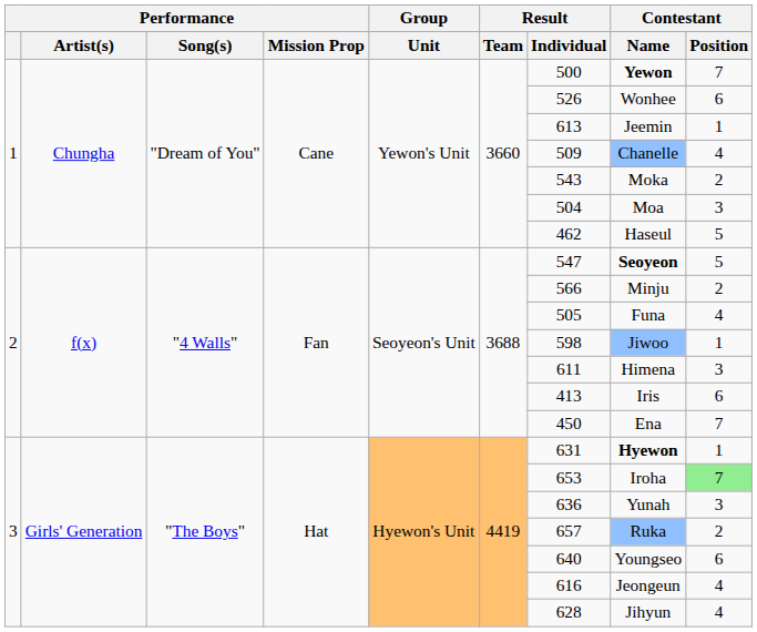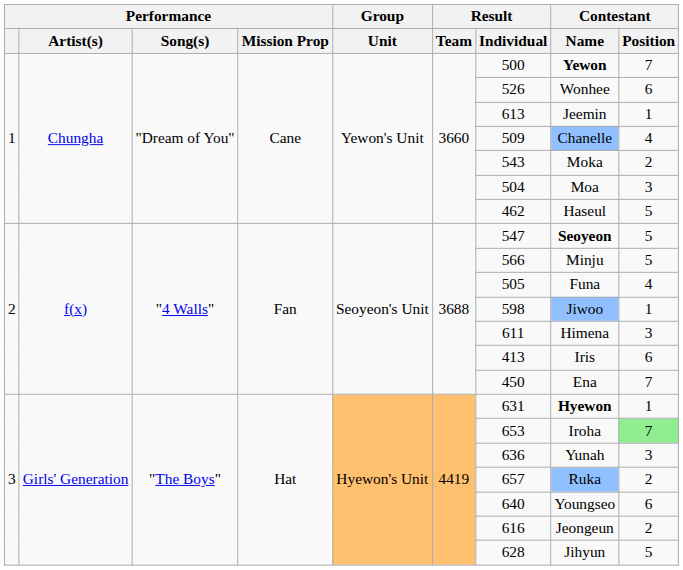 <table class="wikitable collapsible" style="text-align:center">
 <tr>
 <th colspan="4">Performance</th>
 <th>Group</th>
 <th colspan="2">Result</th>
 <th colspan="2">Contestant</th>
 </tr>
 <tr>
 <th></th>
 <th>Artist(s)</th>
 <th>Song(s)</th>
 <th>Mission Prop</th>
 <th>Unit</th>
 <th>Team</th>
 <th>Individual</th>
 <th>Name</th>
 <th>Position</th>
 </tr>
 <tr>
 <td rowspan="7">1</td>
 <td rowspan="7"><a href='#'>Chungha</a></td>
 <td rowspan="7">"Dream of You"</td>
 <td rowspan="7">Cane</td>
 <td rowspan="7">Yewon's Unit</td>
 <td rowspan="7">3660</td>
 <td>500</td>
 <td><strong>Yewon</strong></td>
 <td>7</td>
 </tr>
 <tr>
 <td>526</td>
 <td>Wonhee</td>
 <td>6</td>
 </tr>
 <tr>
 <td>613</td>
 <td>Jeemin</td>
 <td>1</td>
 </tr>
 <tr>
 <td>509</td>
 <td style="background:#90C0FF">Chanelle</td>
 <td>4</td>
 </tr>
 <tr>
 <td>543</td>
 <td>Moka</td>
 <td>2</td>
 </tr>
 <tr>
 <td>504</td>
 <td>Moa</td>
 <td>3</td>
 </tr>
 <tr>
 <td>462</td>
 <td>Haseul</td>
 <td>5</td>
 </tr>
 <tr>
 <td rowspan="7">2</td>
 <td rowspan="7"><a href='#'>f(x)</a></td>
 <td rowspan="7">"<a href='#'>4 Walls</a>"</td>
 <td rowspan="7">Fan</td>
 <td rowspan="7">Seoyeon's Unit</td>
 <td rowspan="7">3688</td>
 <td>547</td>
 <td><strong>Seoyeon</strong></td>
 <td>5</td>
 </tr>
 <tr>
 <td>566</td>
 <td>Minju</td>
-<td>2</td>
+<td>5</td>
 </tr>
 <tr>
 <td>505</td>
 <td>Funa</td>
 <td>4</td>
 </tr>
 <tr>
 <td>598</td>
 <td style="background:#90C0FF">Jiwoo</td>
 <td>1</td>
 </tr>
 <tr>
 <td>611</td>
 <td>Himena</td>
 <td>3</td>
 </tr>
 <tr>
 <td>413</td>
 <td>Iris</td>
 <td>6</td>
 </tr>
 <tr>
 <td>450</td>
 <td>Ena</td>
 <td>7</td>
 </tr>
 <tr>
 <td rowspan="7">3</td>
 <td rowspan="7"><a href='#'>Girls' Generation</a></td>
 <td rowspan="7">"<a href='#'>The Boys</a>"</td>
 <td rowspan="7">Hat</td>
 <td rowspan="7" style="background:#FFC06F">Hyewon's Unit</td>
 <td rowspan="7" style="background:#FFC06F">4419</td>
 <td>631</td>
 <td><strong>Hyewon</strong></td>
 <td>1</td>
 </tr>
 <tr>
 <td>653</td>
 <td>Iroha</td>
 <td style="background: lightgreen;">7</td>
 </tr>
 <tr>
 <td>636</td>
 <td>Yunah</td>
 <td>3</td>
 </tr>
 <tr>
 <td>657</td>
 <td style="background:#90C0FF">Ruka</td>
 <td>2</td>
 </tr>
 <tr>
 <td>640</td>
 <td>Youngseo</td>
 <td>6</td>
 </tr>
 <tr>
 <td>616</td>
 <td>Jeongeun</td>
-<td>4</td>
+<td>2</td>
 </tr>
 <tr>
 <td>628</td>
 <td>Jihyun</td>
-<td>4</td>
+<td>5</td>
 </tr>
 </table>
